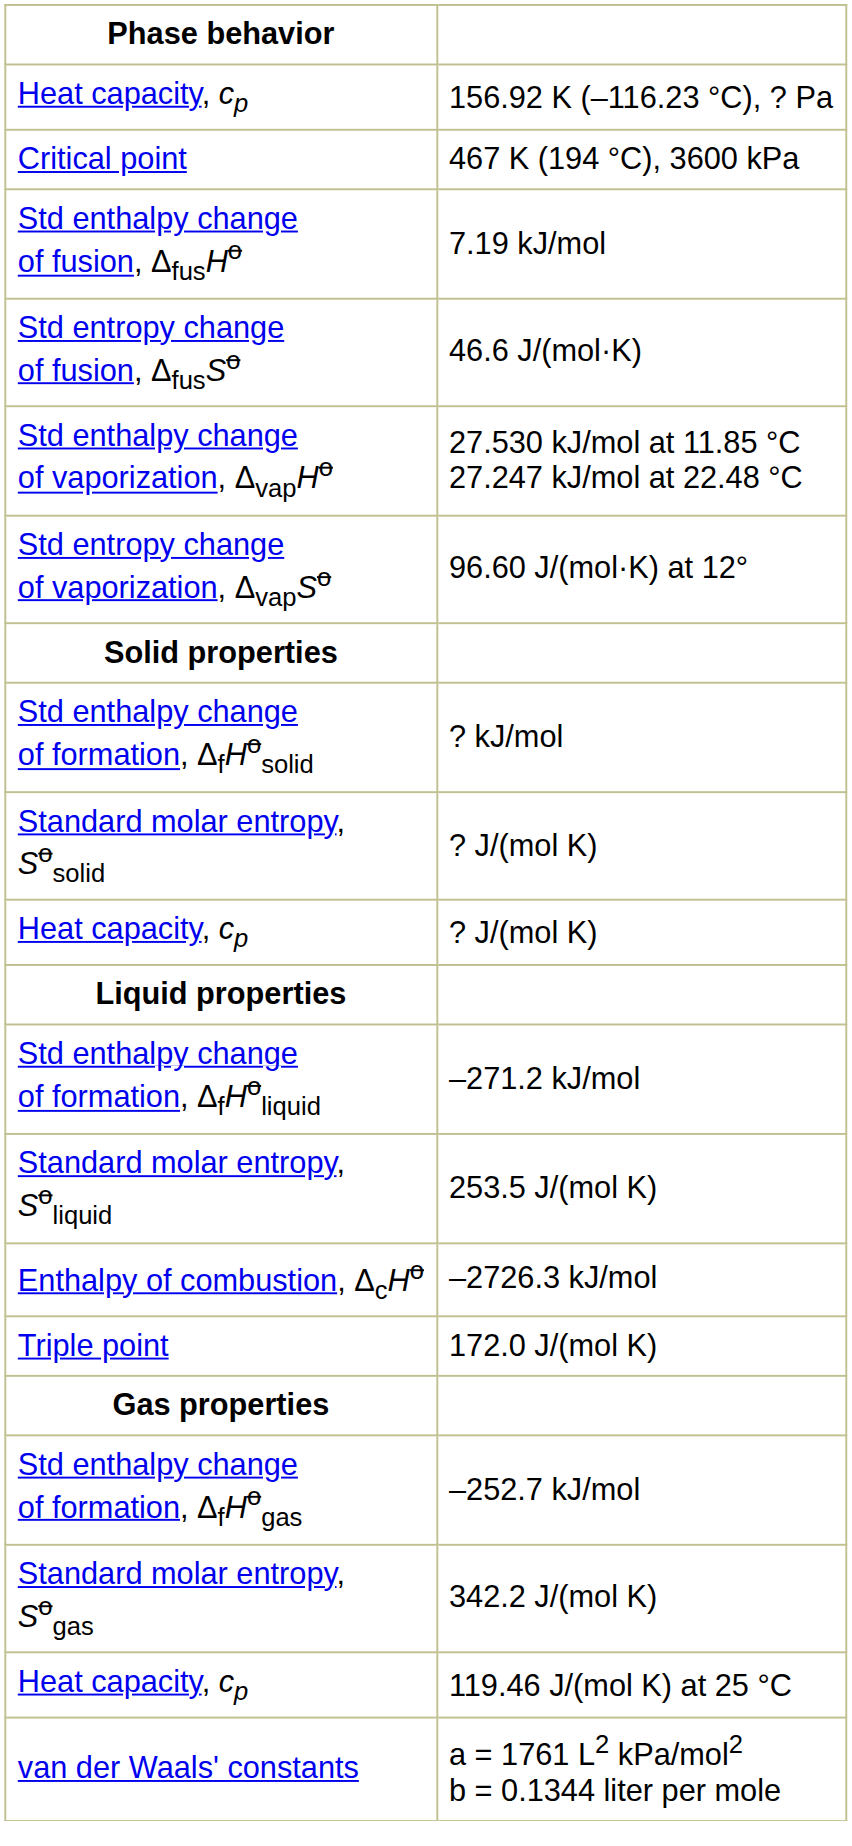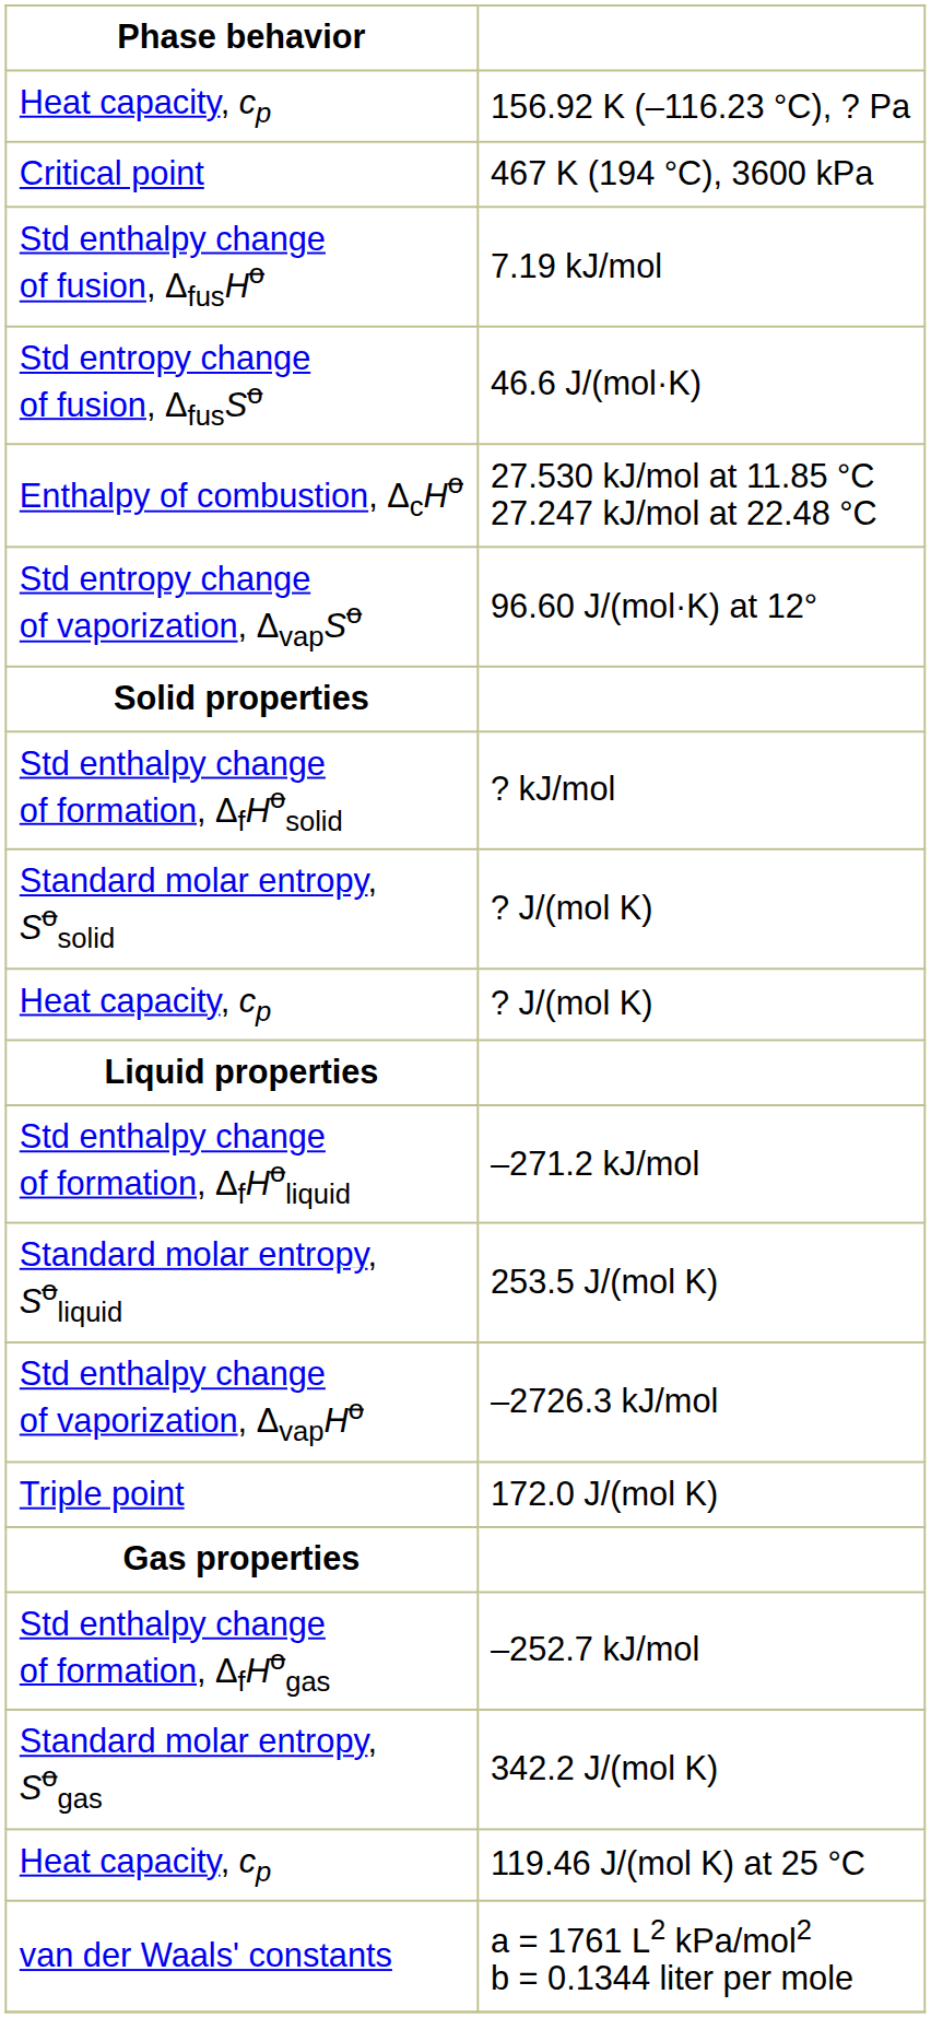 <table border="1" cellspacing="0" cellpadding="6" style="margin: 0 0 0 0.5em; background: #FFFFFF; border-collapse: collapse; border-color: #C0C090;">
 <tr>
 <th>Phase behavior</th>
 </tr>
 <tr>
 <td><a href='#'>Heat capacity</a>, <em>c<sub>p</sub></em></td>
 <td>156.92 K (–116.23 °C), ? Pa</td>
 </tr>
 <tr>
 <td><a href='#'>Critical point</a></td>
 <td>467 K (194 °C), 3600 kPa</td>
 </tr>
 <tr>
 <td><a href='#'>Std enthalpy change<br>of fusion</a>, Δ<sub>fus</sub><em>H</em><sup><s>o</s></sup></td>
 <td>7.19 kJ/mol</td>
 </tr>
 <tr>
 <td><a href='#'>Std entropy change<br>of fusion</a>, Δ<sub>fus</sub><em>S</em><sup><s>o</s></sup></td>
 <td>46.6 J/(mol·K)</td>
 </tr>
 <tr>
-<td><a href='#'>Std enthalpy change<br>of vaporization</a>, Δ<sub>vap</sub><em>H</em><sup><s>o</s></sup></td>
+<td><a href='#'>Enthalpy of combustion</a>, Δ<sub>c</sub><em>H</em><sup><s>o</s></sup></td>
 <td>27.530 kJ/mol at 11.85 °C<br>27.247 kJ/mol at 22.48 °C</td>
 </tr>
 <tr>
 <td><a href='#'>Std entropy change<br>of vaporization</a>, Δ<sub>vap</sub><em>S</em><sup><s>o</s></sup></td>
 <td>96.60 J/(mol·K) at 12°</td>
 </tr>
 <tr>
 <th>Solid properties</th>
 </tr>
 <tr>
 <td><a href='#'>Std enthalpy change<br>of formation</a>, Δ<sub>f</sub><em>H</em><sup><s>o</s></sup><sub>solid</sub></td>
 <td>? kJ/mol</td>
 </tr>
 <tr>
 <td><a href='#'>Standard molar entropy</a>,<br><em>S</em><sup><s>o</s></sup><sub>solid</sub></td>
 <td>? J/(mol K)</td>
 </tr>
 <tr>
 <td><a href='#'>Heat capacity</a>, <em>c<sub>p</sub></em></td>
 <td>? J/(mol K)</td>
 </tr>
 <tr>
 <th>Liquid properties</th>
 </tr>
 <tr>
 <td><a href='#'>Std enthalpy change<br>of formation</a>, Δ<sub>f</sub><em>H</em><sup><s>o</s></sup><sub>liquid</sub></td>
 <td>–271.2 kJ/mol</td>
 </tr>
 <tr>
 <td><a href='#'>Standard molar entropy</a>,<br><em>S</em><sup><s>o</s></sup><sub>liquid</sub></td>
 <td>253.5 J/(mol K)</td>
 </tr>
 <tr>
-<td><a href='#'>Enthalpy of combustion</a>, Δ<sub>c</sub><em>H</em><sup><s>o</s></sup></td>
+<td><a href='#'>Std enthalpy change<br>of vaporization</a>, Δ<sub>vap</sub><em>H</em><sup><s>o</s></sup></td>
 <td>–2726.3 kJ/mol</td>
 </tr>
 <tr>
 <td><a href='#'>Triple point</a></td>
 <td>172.0 J/(mol K)</td>
 </tr>
 <tr>
 <th>Gas properties</th>
 </tr>
 <tr>
 <td><a href='#'>Std enthalpy change<br>of formation</a>, Δ<sub>f</sub><em>H</em><sup><s>o</s></sup><sub>gas</sub></td>
 <td>–252.7 kJ/mol</td>
 </tr>
 <tr>
 <td><a href='#'>Standard molar entropy</a>,<br><em>S</em><sup><s>o</s></sup><sub>gas</sub></td>
 <td>342.2	 J/(mol K)</td>
 </tr>
 <tr>
 <td><a href='#'>Heat capacity</a>, <em>c<sub>p</sub></em></td>
 <td>119.46 J/(mol K) at 25 °C</td>
 </tr>
 <tr>
 <td><a href='#'>van der Waals' constants</a></td>
 <td>a = 1761 L<sup>2</sup> kPa/mol<sup>2</sup><br> b = 0.1344 liter per mole</td>
 </tr>
 <tr>
 </tr>
 </table>
